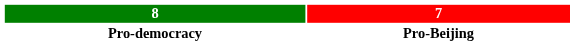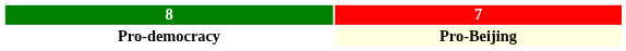 <table style="width:50%; text-align:center;">
 <tr style="color:white;">
 <td style="background:green; width:53.33%;"><strong>8</strong></td>
 <td style="background:red; width:46.67%;"><strong>7</strong></td>
 </tr>
 <tr>
 <td><span><strong>Pro-democracy</strong></span></td>
-<td><span><strong>Pro-Beijing</strong></span></td>
+<td style="background: lightyellow;"><span><strong>Pro-Beijing</strong></span></td>
 </tr>
 </table>
